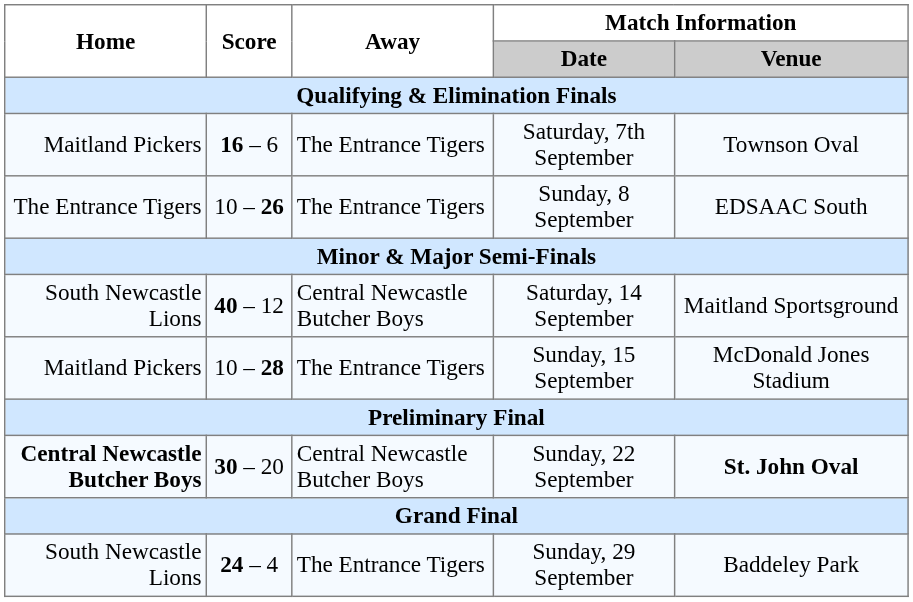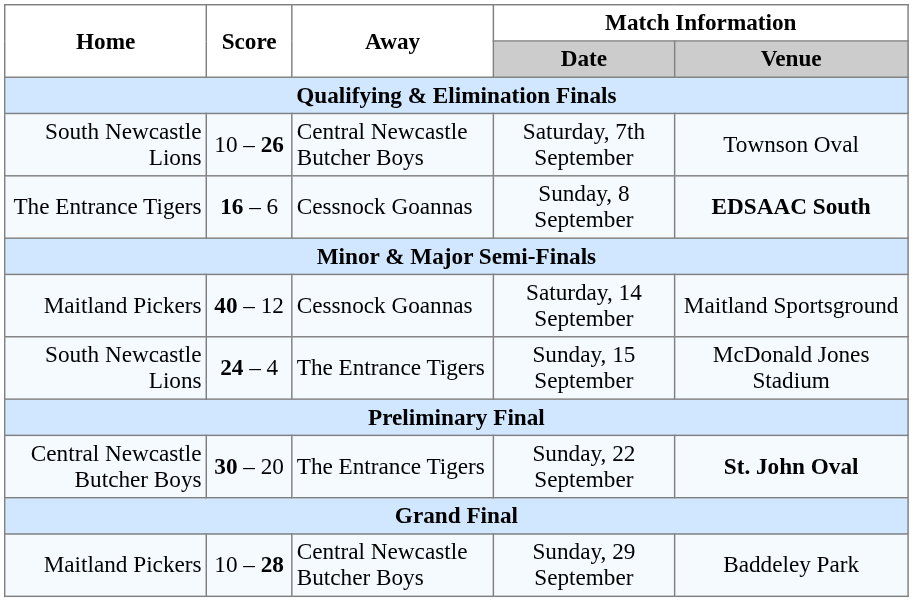 <table width="100%" cellspacing="0" cellpadding="3" border="1" style="border-collapse:collapse;  text-align:center;">
 <tr>
 <th rowspan="2" width="19%">Home</th>
 <th rowspan="2" width="8%">Score</th>
 <th rowspan="2" width="19%">Away</th>
 <th colspan="3">Match Information</th>
 </tr>
 <tr bgcolor="#CCCCCC">
 <th width="17%">Date</th>
 <th width="22%">Venue</th>
 </tr>
 <tr style="background:#d0e7ff;">
 <td colspan="6"><strong>Qualifying & Elimination Finals</strong></td>
 </tr>
 <tr style="text-align:center; background:#f5faff;">
-<td align="right">Maitland Pickers </td>
-<td><strong>16</strong> – 6</td>
-<td align="left"> The Entrance Tigers</td>
+<td align="right">South Newcastle Lions </td>
+<td>10 – <strong>26</strong></td>
+<td align="left"> Central Newcastle Butcher Boys</td>
 <td>Saturday, 7th September</td>
 <td>Townson Oval</td>
 </tr>
 <tr style="text-align:center; background:#f5faff;">
 <td align="right"> The Entrance Tigers</td>
-<td>10 – <strong>26</strong></td>
-<td align="left"> The Entrance Tigers</td>
+<td><strong>16</strong> – 6</td>
+<td align="left"> Cessnock Goannas</td>
 <td>Sunday, 8 September</td>
-<td>EDSAAC South</td>
+<td><strong>EDSAAC South</strong></td>
 </tr>
 <tr style="background:#d0e7ff;">
 <td colspan="6"><strong>Minor & Major Semi-Finals</strong></td>
 </tr>
 <tr style="text-align:center; background:#f5faff;">
-<td align="right">South Newcastle Lions </td>
+<td align="right">Maitland Pickers </td>
 <td><strong>40</strong> – 12</td>
-<td align="left"> Central Newcastle Butcher Boys</td>
+<td align="left"> Cessnock Goannas</td>
 <td>Saturday, 14 September</td>
 <td>Maitland Sportsground</td>
 </tr>
 <tr style="text-align:center; background:#f5faff;">
-<td align="right">Maitland Pickers </td>
-<td>10 – <strong>28</strong></td>
+<td align="right">South Newcastle Lions </td>
+<td><strong>24</strong> – 4</td>
 <td align="left"> The Entrance Tigers</td>
 <td>Sunday, 15 September</td>
 <td>McDonald Jones Stadium</td>
 </tr>
 <tr style="background:#d0e7ff;">
 <td colspan="6"><strong>Preliminary Final</strong></td>
 </tr>
 <tr style="text-align:center; background:#f5faff;">
-<td align="right"><strong> Central Newcastle Butcher Boys</strong></td>
+<td align="right"> Central Newcastle Butcher Boys</td>
 <td><strong>30</strong> – 20</td>
-<td align="left"> Central Newcastle Butcher Boys</td>
+<td align="left"> The Entrance Tigers</td>
 <td>Sunday, 22 September</td>
 <td><strong>St. John Oval</strong></td>
 </tr>
 <tr style="background:#d0e7ff;">
 <td colspan="6"><strong>Grand Final</strong></td>
 </tr>
 <tr style="text-align:center; background:#f5faff;">
-<td align="right">South Newcastle Lions </td>
-<td><strong>24</strong> – 4</td>
-<td align="left"> The Entrance Tigers</td>
+<td align="right">Maitland Pickers </td>
+<td>10 – <strong>28</strong></td>
+<td align="left"> Central Newcastle Butcher Boys</td>
 <td>Sunday, 29 September</td>
 <td>Baddeley Park</td>
 </tr>
 </table>
